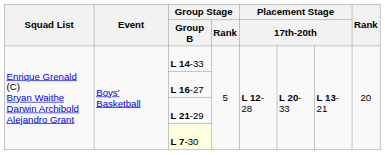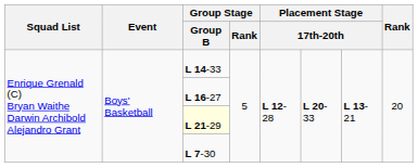 <table class="wikitable" width="90%" style="text-align:left; font-size:90%">
 <tr>
 <th rowspan="2">Squad List</th>
 <th rowspan="2">Event</th>
 <th colspan="2">Group Stage</th>
 <th colspan="3">Placement Stage</th>
 <th rowspan="2">Rank</th>
 </tr>
 <tr>
 <th>Group B</th>
 <th>Rank</th>
 <th colspan="3">17th-20th</th>
 </tr>
 <tr>
 <td rowspan="4"><a href='#'>Enrique Grenald</a> (C)<br><a href='#'>Bryan Waithe</a><br><a href='#'>Darwin Archibold</a><br><a href='#'>Alejandro Grant</a></td>
 <td rowspan="4"><a href='#'>Boys' Basketball</a></td>
 <td><br> <strong>L</strong> <strong>14</strong>-33</td>
 <td rowspan="4" align=center>5</td>
 <td rowspan="4"> <br> <strong>L</strong> <strong>12</strong>-28</td>
 <td rowspan="4"> <br> <strong>L</strong> <strong>20</strong>-33</td>
 <td rowspan="4"> <br> <strong>L</strong> <strong>13</strong>-21</td>
 <td rowspan="4" align="center">20</td>
 </tr>
 <tr>
 <td><br> <strong>L</strong> <strong>16</strong>-27</td>
 </tr>
 <tr>
-<td><br> <strong>L</strong> <strong>21</strong>-29</td>
+<td style="background: lightyellow;"><br> <strong>L</strong> <strong>21</strong>-29</td>
 </tr>
 <tr>
-<td style="background: lightyellow;"><br> <strong>L</strong> <strong>7</strong>-30</td>
+<td><br> <strong>L</strong> <strong>7</strong>-30</td>
 </tr>
 </table>
